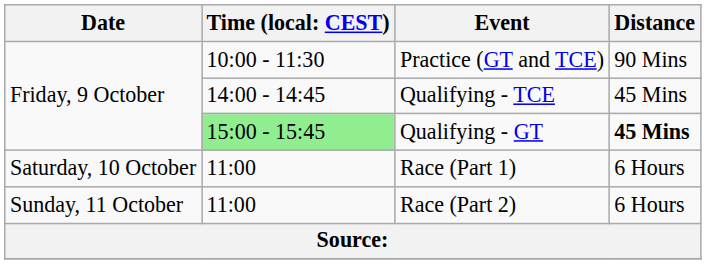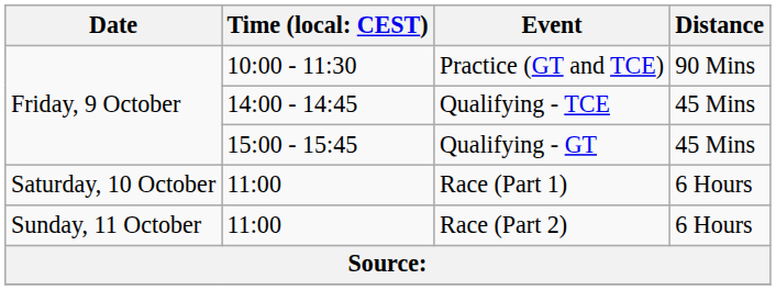 <table class="wikitable" style="font-size: 90%;">
 <tr>
 <th>Date</th>
 <th>Time (local: <a href='#'>CEST</a>)</th>
 <th>Event</th>
 <th>Distance</th>
 </tr>
 <tr>
 <td rowspan=3>Friday, 9 October</td>
 <td>10:00 - 11:30</td>
 <td>Practice (<a href='#'>GT</a> and <a href='#'>TCE</a>)</td>
 <td>90 Mins</td>
 </tr>
 <tr>
 <td>14:00 - 14:45</td>
 <td>Qualifying - <a href='#'>TCE</a></td>
 <td>45 Mins</td>
 </tr>
 <tr>
-<td style="background: lightgreen;">15:00 - 15:45</td>
+<td>15:00 - 15:45</td>
 <td>Qualifying - <a href='#'>GT</a></td>
-<td><strong>45 Mins</strong></td>
+<td>45 Mins</td>
 </tr>
 <tr>
 <td>Saturday, 10 October</td>
 <td>11:00</td>
 <td>Race (Part 1)</td>
 <td>6 Hours</td>
 </tr>
 <tr>
 <td>Sunday, 11 October</td>
 <td>11:00</td>
 <td>Race (Part 2)</td>
 <td>6 Hours</td>
 </tr>
 <tr>
 <th colspan=4>Source:</th>
 </tr>
 <tr>
 </tr>
 </table>
